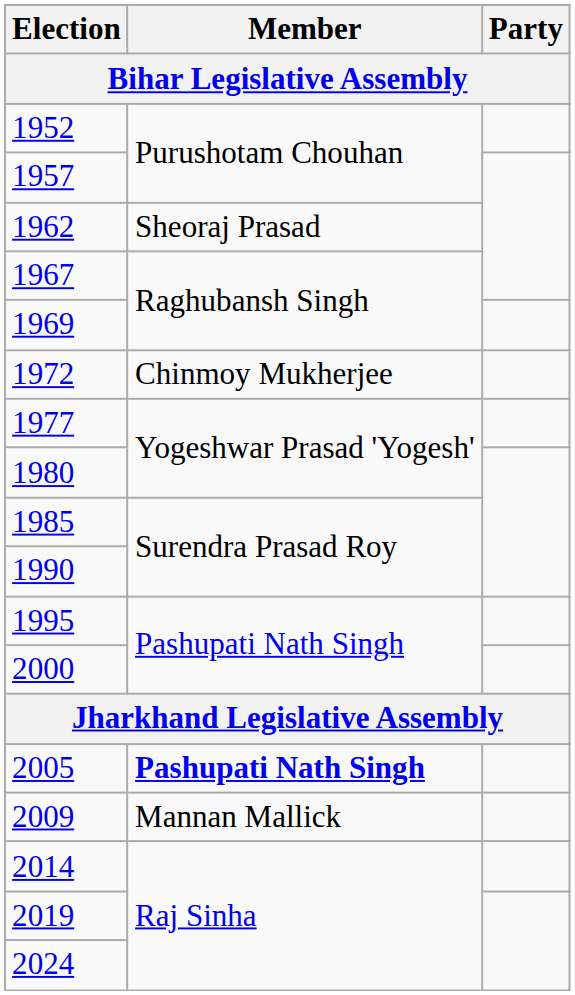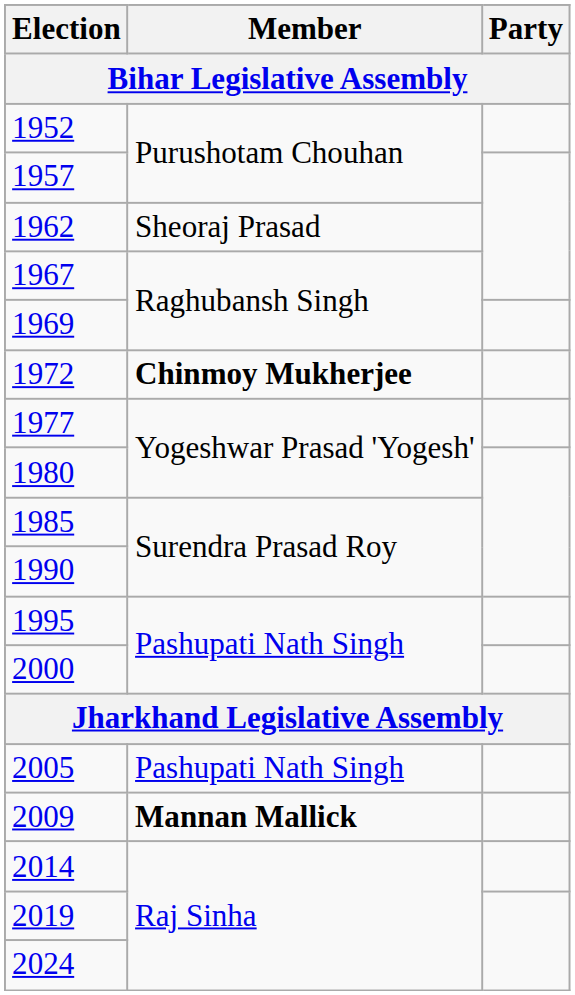 <table class="wikitable sortable">
 <tr>
 <th>Election</th>
 <th>Member</th>
 <th colspan=2>Party</th>
 </tr>
 <tr>
 <th colspan=4><a href='#'>Bihar Legislative Assembly</a></th>
 </tr>
 <tr>
 <td><a href='#'>1952</a></td>
 <td rowspan=2>Purushotam Chouhan</td>
 <td></td>
 </tr>
 <tr>
 <td><a href='#'>1957</a></td>
 </tr>
 <tr>
 <td><a href='#'>1962</a></td>
 <td>Sheoraj Prasad</td>
 </tr>
 <tr>
 <td><a href='#'>1967</a></td>
 <td rowspan =2>Raghubansh Singh</td>
 </tr>
 <tr>
 <td><a href='#'>1969</a></td>
 <td></td>
 </tr>
 <tr>
 <td><a href='#'>1972</a></td>
-<td>Chinmoy Mukherjee</td>
+<td><strong>Chinmoy Mukherjee</strong></td>
 <td></td>
 </tr>
 <tr>
 <td><a href='#'>1977</a></td>
 <td rowspan=2>Yogeshwar Prasad 'Yogesh'</td>
 <td></td>
 </tr>
 <tr>
 <td><a href='#'>1980</a></td>
 </tr>
 <tr>
 <td><a href='#'>1985</a></td>
 <td rowspan=2>Surendra Prasad Roy</td>
 </tr>
 <tr>
 <td><a href='#'>1990</a></td>
 </tr>
 <tr>
 <td><a href='#'>1995</a></td>
 <td rowspan=2><a href='#'>Pashupati Nath Singh</a></td>
 <td></td>
 </tr>
 <tr>
 <td><a href='#'>2000</a></td>
 </tr>
 <tr>
 <th colspan=4><a href='#'>Jharkhand Legislative Assembly</a></th>
 </tr>
 <tr>
 <td><a href='#'>2005</a></td>
-<td><strong><a href='#'>Pashupati Nath Singh</a></strong></td>
+<td><a href='#'>Pashupati Nath Singh</a></td>
 <td></td>
 </tr>
 <tr>
 <td><a href='#'>2009</a></td>
-<td>Mannan Mallick</td>
+<td><strong>Mannan Mallick</strong></td>
 <td></td>
 </tr>
 <tr>
 <td><a href='#'>2014</a></td>
 <td rowspan=3><a href='#'>Raj Sinha</a></td>
 <td></td>
 </tr>
 <tr>
 <td><a href='#'>2019</a></td>
 </tr>
 <tr>
 <td><a href='#'>2024</a></td>
 </tr>
 </table>
